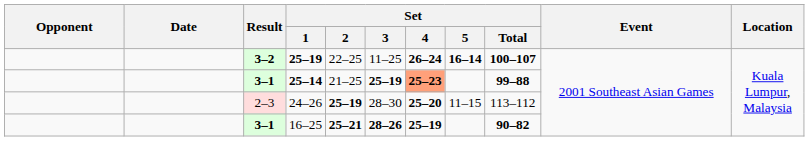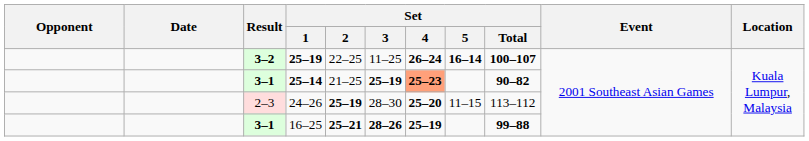 <table class="wikitable" style="font-size: 90%">
 <tr>
 <th rowspan=2 width=15%>Opponent</th>
 <th rowspan=2 width=15%>Date</th>
 <th rowspan=2 width=5%>Result</th>
 <th colspan=6>Set</th>
 <th rowspan=2 width=24%>Event</th>
 <th rowspan=2 width=16%>Location</th>
 </tr>
 <tr>
 <th width=5%>1</th>
 <th width=5%>2</th>
 <th width=5%>3</th>
 <th width=5%>4</th>
 <th width=5%>5</th>
 <th width=7%>Total</th>
 </tr>
 <tr style="text-align:center;">
 <td style="text-align:left;"></td>
 <td></td>
 <td style="background:#ddffdd;"><strong>3–2</strong></td>
 <td><strong>25–19</strong></td>
 <td>22–25</td>
 <td>11–25</td>
 <td><strong>26–24</strong></td>
 <td><strong>16–14</strong></td>
 <td><strong>100–107</strong></td>
 <td rowspan=4><a href='#'>2001 Southeast Asian Games</a></td>
 <td rowspan=4><a href='#'>Kuala Lumpur</a>, <a href='#'>Malaysia</a></td>
 </tr>
 <tr style="text-align:center;">
 <td style="text-align:left;"></td>
 <td></td>
 <td style="background:#ddffdd;"><strong>3–1</strong></td>
 <td><strong>25–14</strong></td>
 <td>21–25</td>
 <td><strong>25–19</strong></td>
 <td style="background: lightsalmon;"><strong>25–23</strong></td>
 <td></td>
-<td><strong>99–88</strong></td>
+<td><strong>90–82</strong></td>
 </tr>
 <tr style="text-align:center;">
 <td style="text-align:left;"></td>
 <td></td>
 <td style="background:#ffdddd;">2–3</td>
 <td>24–26</td>
 <td><strong>25–19</strong></td>
 <td>28–30</td>
 <td><strong>25–20</strong></td>
 <td>11–15</td>
 <td>113–112</td>
 </tr>
 <tr style="text-align:center;">
 <td style="text-align:left;"></td>
 <td></td>
 <td style="background:#ddffdd;"><strong>3–1</strong></td>
 <td>16–25</td>
 <td><strong>25–21</strong></td>
 <td><strong>28–26</strong></td>
 <td><strong>25–19</strong></td>
 <td></td>
-<td><strong>90–82</strong></td>
+<td><strong>99–88</strong></td>
 </tr>
 </table>
